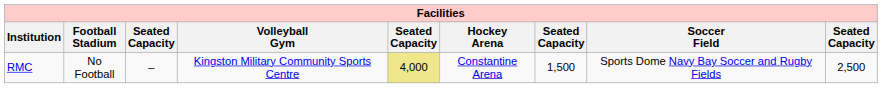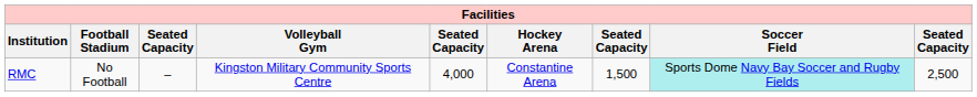 <table class="wikitable">
 <tr bgcolor="#ffcbcb">
 <td colspan="9" align="center"><strong>Facilities</strong></td>
 </tr>
 <tr bgcolor="#efefef">
 <th>Institution</th>
 <th>Football<br>Stadium</th>
 <th>Seated<br>Capacity</th>
 <th>Volleyball<br>Gym</th>
 <th>Seated<br>Capacity</th>
 <th>Hockey<br>Arena</th>
 <th>Seated<br>Capacity</th>
 <th>Soccer<br>Field</th>
 <th>Seated<br>Capacity</th>
 </tr>
 <tr align="center">
 <td align="left"><a href='#'>RMC</a></td>
 <td>No Football</td>
 <td>–</td>
 <td><a href='#'>Kingston Military Community Sports Centre</a></td>
-<td style="background: khaki;">4,000</td>
+<td>4,000</td>
 <td><a href='#'>Constantine Arena</a></td>
 <td>1,500</td>
-<td>Sports Dome <a href='#'>Navy Bay Soccer and Rugby Fields</a></td>
+<td style="background: paleturquoise;">Sports Dome <a href='#'>Navy Bay Soccer and Rugby Fields</a></td>
 <td>2,500</td>
 </tr>
 </table>
